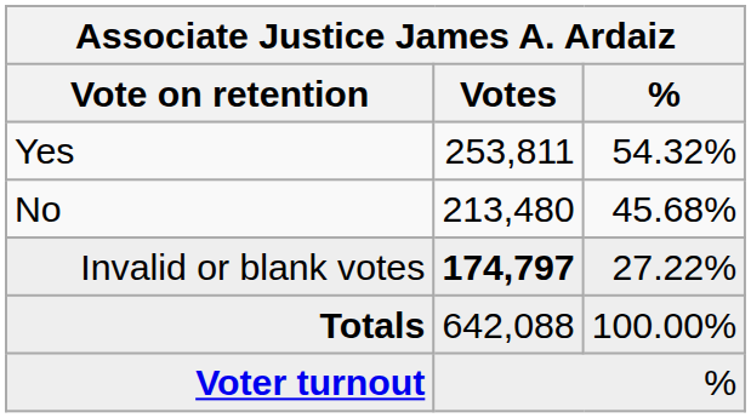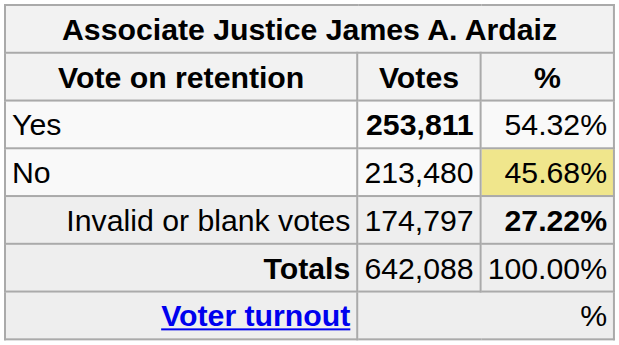 <table class="wikitable" style="font-size: 95%;">
 <tr style="background-color:#E9E9E9">
 <th colspan=7>Associate Justice James A. Ardaiz</th>
 </tr>
 <tr style="background-color:#E9E9E9">
 <th style="width: 170px">Vote on retention</th>
 <th style="width: 50px">Votes</th>
 <th style="width: 40px">%</th>
 </tr>
 <tr>
 <td>Yes</td>
-<td align="right">253,811</td>
+<td align="right"><strong>253,811</strong></td>
 <td align="right">54.32%</td>
 </tr>
 <tr>
 <td>No</td>
 <td align="right">213,480</td>
-<td align="right">45.68%</td>
+<td align="right" style="background: khaki;">45.68%</td>
 </tr>
 <tr style="background-color:#EEEEEE">
 <td align="right">Invalid or blank votes</td>
-<td align="right"><strong>174,797</strong></td>
-<td align="right">27.22%</td>
+<td align="right">174,797</td>
+<td align="right"><strong>27.22%</strong></td>
 </tr>
 <tr style="background-color:#EEEEEE">
 <td colspan="1" align="right"><strong>Totals</strong></td>
 <td align="right">642,088</td>
 <td align="right">100.00%</td>
 </tr>
 <tr style="background-color:#EEEEEE">
 <td align="right"><strong><a href='#'>Voter turnout</a></strong></td>
 <td colspan="2" align="right">%</td>
 </tr>
 </table>
